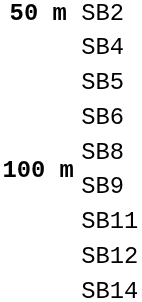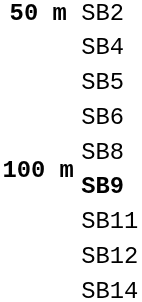 <table>
 <tr>
 <th>50 m</th>
 <td>SB2 <br></td>
 <td></td>
 <td></td>
 <td></td>
 </tr>
 <tr>
 <th rowspan="8">100 m</th>
 <td>SB4 <br></td>
 <td></td>
 <td></td>
 <td></td>
 </tr>
 <tr>
 <td>SB5 <br></td>
 <td></td>
 <td></td>
 <td></td>
 </tr>
 <tr>
 <td>SB6 <br></td>
 <td></td>
 <td></td>
 <td></td>
 </tr>
 <tr>
 <td>SB8 <br></td>
 <td></td>
 <td></td>
 <td></td>
 </tr>
 <tr>
-<td>SB9 <br></td>
+<td><strong>SB9 <br></strong></td>
 <td></td>
 <td></td>
 <td></td>
 </tr>
 <tr>
 <td>SB11 <br></td>
 <td></td>
 <td></td>
 <td></td>
 </tr>
 <tr>
 <td>SB12 <br></td>
 <td></td>
 <td></td>
 <td></td>
 </tr>
 <tr>
 <td>SB14 <br></td>
 <td></td>
 <td></td>
 <td></td>
 </tr>
 </table>
